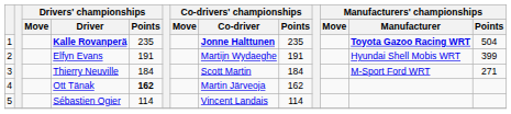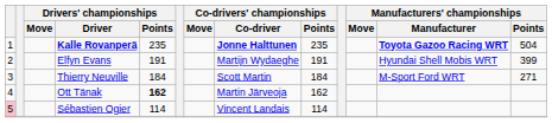 <table class="wikitable" style="font-size:85%;">
 <tr>
 <th rowspan="2"></th>
 <th rowspan="7" style="width:5px;"></th>
 <th colspan="3">Drivers' championships</th>
 <th rowspan="7" style="width:5px;"></th>
 <th colspan="3" nowrap>Co-drivers' championships</th>
 <th rowspan="7" style="width:5px;"></th>
 <th colspan="3" nowrap>Manufacturers' championships</th>
 </tr>
 <tr>
 <th>Move</th>
 <th>Driver</th>
 <th>Points</th>
 <th>Move</th>
 <th>Co-driver</th>
 <th>Points</th>
 <th>Move</th>
 <th>Manufacturer</th>
 <th>Points</th>
 </tr>
 <tr>
 <td align="center">1</td>
 <td align="center"></td>
 <td><strong><a href='#'>Kalle Rovanperä</a></strong></td>
 <td align="center">235</td>
 <td align="center"></td>
 <td><strong><a href='#'>Jonne Halttunen</a></strong></td>
 <td align="center">235</td>
 <td align="center"></td>
 <td><strong><a href='#'>Toyota Gazoo Racing WRT</a></strong></td>
 <td align="center">504</td>
 </tr>
 <tr>
 <td align="center">2</td>
 <td align="center"></td>
 <td><a href='#'>Elfyn Evans</a></td>
 <td align="center">191</td>
 <td align="center"></td>
 <td><a href='#'>Martijn Wydaeghe</a></td>
 <td align="center">191</td>
 <td align="center"></td>
 <td><a href='#'>Hyundai Shell Mobis WRT</a></td>
 <td align="center">399</td>
 </tr>
 <tr>
 <td align="center">3</td>
 <td align="center"></td>
 <td><a href='#'>Thierry Neuville</a></td>
 <td align="center">184</td>
 <td align="center"></td>
 <td><a href='#'>Scott Martin</a></td>
 <td align="center">184</td>
 <td align="center"></td>
 <td><a href='#'>M-Sport Ford WRT</a></td>
 <td align="center">271</td>
 </tr>
 <tr>
 <td align="center">4</td>
 <td align="center"></td>
 <td><a href='#'>Ott Tänak</a></td>
 <td align="center"><strong>162</strong></td>
 <td align="center"></td>
 <td><a href='#'>Martin Järveoja</a></td>
 <td align="center">162</td>
 <td></td>
 <td></td>
 <td></td>
 </tr>
 <tr>
-<td align="center">5</td>
+<td align="center" style="background: pink;">5</td>
 <td align="center"></td>
 <td><a href='#'>Sébastien Ogier</a></td>
 <td align="center">114</td>
 <td align="center"></td>
 <td><a href='#'>Vincent Landais</a></td>
 <td align="center">114</td>
 <td></td>
 <td></td>
 <td></td>
 </tr>
 <tr>
 </tr>
 </table>
